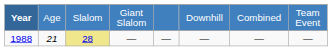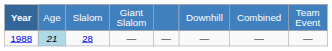 <table class="wikitable" style="font-size:95%; text-align:center; border:grey solid 1px; border-collapse:collapse;" width="40%">
 <tr style="background-color:#369; color:white;">
 <td rowspan="2" colspan="1" width="4%"><strong>Year</strong></td>
 </tr>
 <tr style="background-color:#4180be; color:white;">
 <td width="3%">Age</td>
 <td width="5%">Slalom</td>
 <td width="5%">Giant<br>Slalom</td>
 <td width="5%"></td>
 <td width="5%">Downhill</td>
 <td width="5%">Combined</td>
 <td width="5%">Team Event</td>
 </tr>
 <tr style="background-color:#8CB2D8; color:white;">
 </tr>
 <tr>
 <td><a href='#'>1988</a></td>
-<td><em>21</em></td>
-<td style="background: khaki;"><a href='#'>28</a></td>
+<td style="background: lightblue;"><em>21</em></td>
+<td><a href='#'>28</a></td>
 <td>—</td>
 <td>—</td>
 <td>—</td>
 <td>—</td>
 <td>—</td>
 </tr>
 </table>
